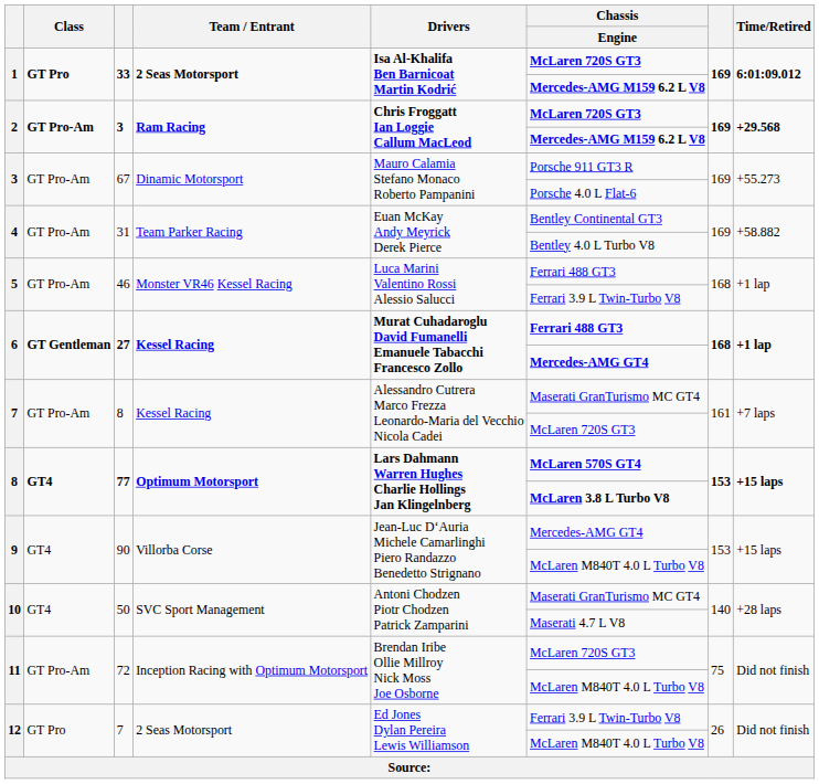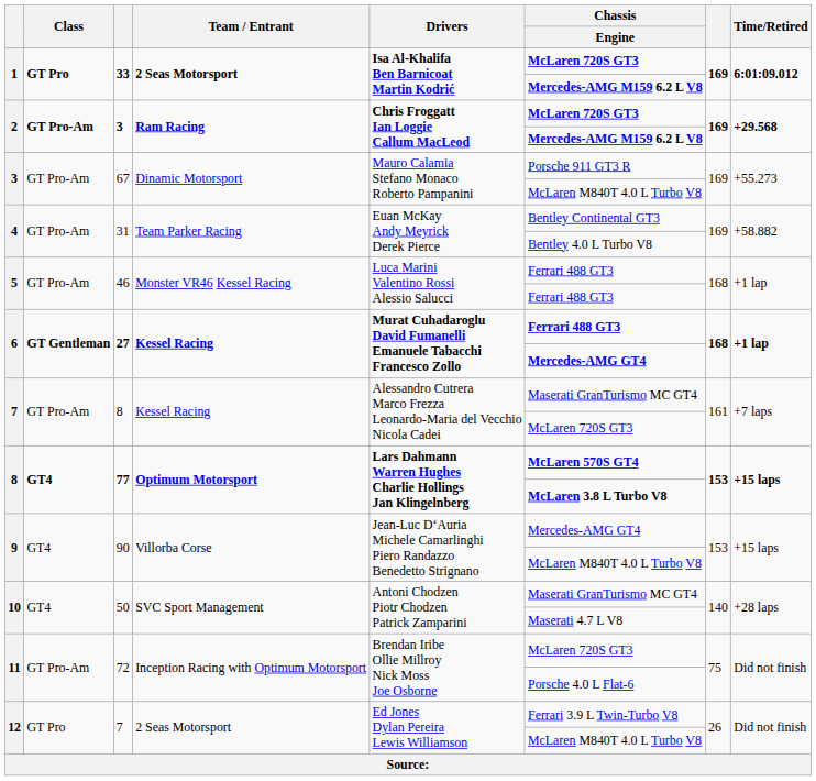 <table class="wikitable" style="font-size: 95%;">
 <tr>
 <th rowspan="2"></th>
 <th rowspan="2">Class</th>
 <th rowspan="2" class="unsortable"></th>
 <th rowspan="2" class="unsortable">Team / Entrant</th>
 <th rowspan="2" class="unsortable">Drivers</th>
 <th scope="col" class="unsortable">Chassis</th>
 <th rowspan="2" class="unsortable"></th>
 <th rowspan="2" class="unsortable">Time/Retired</th>
 </tr>
 <tr>
 <th>Engine</th>
 </tr>
 <tr style="font-weight:bold">
 <th rowspan=2>1</th>
 <td rowspan=2>GT Pro</td>
 <td rowspan=2>33</td>
 <td rowspan=2> 2 Seas Motorsport</td>
 <td rowspan=2> Isa Al-Khalifa<br> <a href='#'>Ben Barnicoat</a><br> <a href='#'>Martin Kodrić</a></td>
 <td><a href='#'>McLaren 720S GT3</a></td>
 <td rowspan=2>169</td>
 <td rowspan=2>6:01:09.012</td>
 </tr>
 <tr style="font-weight:bold">
 <td><a href='#'>Mercedes-AMG M159</a> 6.2 L <a href='#'>V8</a></td>
 </tr>
 <tr style="font-weight:bold">
 <th rowspan=2>2</th>
 <td rowspan=2>GT Pro-Am</td>
 <td rowspan=2>3</td>
 <td rowspan=2> <a href='#'>Ram Racing</a></td>
 <td rowspan=2> Chris Froggatt<br> <a href='#'>Ian Loggie</a><br> <a href='#'>Callum MacLeod</a></td>
 <td><a href='#'>McLaren 720S GT3</a></td>
 <td rowspan=2>169</td>
 <td rowspan=2>+29.568</td>
 </tr>
 <tr style="font-weight:bold">
 <td><a href='#'>Mercedes-AMG M159</a> 6.2 L <a href='#'>V8</a></td>
 </tr>
 <tr>
 <th rowspan=2>3</th>
 <td rowspan=2>GT Pro-Am</td>
 <td rowspan=2>67</td>
 <td rowspan=2> <a href='#'>Dinamic Motorsport</a></td>
 <td rowspan=2> <a href='#'>Mauro Calamia</a><br> Stefano Monaco<br> Roberto Pampanini</td>
 <td><a href='#'>Porsche 911 GT3 R</a></td>
 <td rowspan=2>169</td>
 <td rowspan=2>+55.273</td>
 </tr>
 <tr>
-<td><a href='#'>Porsche</a> 4.0 L <a href='#'>Flat-6</a></td>
+<td><a href='#'>McLaren</a> M840T 4.0 L <a href='#'>Turbo</a> <a href='#'>V8</a></td>
 </tr>
 <tr>
 <th rowspan=2>4</th>
 <td rowspan=2>GT Pro-Am</td>
 <td rowspan=2>31</td>
 <td rowspan=2> <a href='#'>Team Parker Racing</a></td>
 <td rowspan=2> Euan McKay<br> <a href='#'>Andy Meyrick</a><br> Derek Pierce</td>
 <td><a href='#'>Bentley Continental GT3</a></td>
 <td rowspan=2>169</td>
 <td rowspan=2>+58.882</td>
 </tr>
 <tr>
 <td><a href='#'>Bentley</a> 4.0 L Turbo V8</td>
 </tr>
 <tr>
 <th rowspan=2>5</th>
 <td rowspan=2>GT Pro-Am</td>
 <td rowspan=2>46</td>
 <td rowspan=2> <a href='#'>Monster VR46</a> <a href='#'>Kessel Racing</a></td>
 <td rowspan=2> <a href='#'>Luca Marini</a><br> <a href='#'>Valentino Rossi</a><br> Alessio Salucci</td>
 <td><a href='#'>Ferrari 488 GT3</a></td>
 <td rowspan=2>168</td>
 <td rowspan=2>+1 lap</td>
 </tr>
 <tr>
-<td><a href='#'>Ferrari</a> 3.9 L <a href='#'>Twin-Turbo</a> <a href='#'>V8</a></td>
+<td><a href='#'>Ferrari 488 GT3</a></td>
 </tr>
 <tr style="font-weight:bold">
 <th rowspan=2>6</th>
 <td rowspan=2>GT Gentleman</td>
 <td rowspan=2>27</td>
 <td rowspan=2> <a href='#'>Kessel Racing</a></td>
 <td rowspan=2> Murat Cuhadaroglu<br> <a href='#'>David Fumanelli</a><br> Emanuele Tabacchi<br> Francesco Zollo</td>
 <td><a href='#'>Ferrari 488 GT3</a></td>
 <td rowspan=2>168</td>
 <td rowspan=2>+1 lap</td>
 </tr>
 <tr style="font-weight:bold">
 <td><a href='#'>Mercedes-AMG GT4</a></td>
 </tr>
 <tr>
 <th rowspan=2>7</th>
 <td rowspan=2>GT Pro-Am</td>
 <td rowspan=2>8</td>
 <td rowspan=2> <a href='#'>Kessel Racing</a></td>
 <td rowspan=2> Alessandro Cutrera<br> Marco Frezza<br> Leonardo-Maria del Vecchio<br> Nicola Cadei</td>
 <td><a href='#'>Maserati GranTurismo</a> MC GT4</td>
 <td rowspan=2>161</td>
 <td rowspan=2>+7 laps</td>
 </tr>
 <tr>
 <td><a href='#'>McLaren 720S GT3</a></td>
 </tr>
 <tr style="font-weight:bold">
 <th rowspan=2>8</th>
 <td rowspan=2>GT4</td>
 <td rowspan=2>77</td>
 <td rowspan=2> <a href='#'>Optimum Motorsport</a></td>
 <td rowspan=2> Lars Dahmann<br> <a href='#'>Warren Hughes</a><br> Charlie Hollings<br> Jan Klingelnberg</td>
 <td><a href='#'>McLaren 570S GT4</a></td>
 <td rowspan=2>153</td>
 <td rowspan=2>+15 laps</td>
 </tr>
 <tr style="font-weight:bold">
 <td><a href='#'>McLaren</a> 3.8 L Turbo V8</td>
 </tr>
 <tr>
 <th rowspan=2>9</th>
 <td rowspan=2>GT4</td>
 <td rowspan=2>90</td>
 <td rowspan=2> Villorba Corse</td>
 <td rowspan=2> Jean-Luc D‘Auria<br> Michele Camarlinghi<br> Piero Randazzo<br> Benedetto Strignano</td>
 <td><a href='#'>Mercedes-AMG GT4</a></td>
 <td rowspan=2>153</td>
 <td rowspan=2>+15 laps</td>
 </tr>
 <tr>
 <td><a href='#'>McLaren</a> M840T 4.0 L <a href='#'>Turbo</a> <a href='#'>V8</a></td>
 </tr>
 <tr>
 <th rowspan=2>10</th>
 <td rowspan=2>GT4</td>
 <td rowspan=2>50</td>
 <td rowspan=2> SVC Sport Management</td>
 <td rowspan=2> Antoni Chodzen<br> Piotr Chodzen<br> Patrick Zamparini</td>
 <td><a href='#'>Maserati GranTurismo</a> MC GT4</td>
 <td rowspan=2>140</td>
 <td rowspan=2>+28 laps</td>
 </tr>
 <tr>
 <td><a href='#'>Maserati</a> 4.7 L V8</td>
 </tr>
 <tr>
 <th rowspan=2>11</th>
 <td rowspan=2>GT Pro-Am</td>
 <td rowspan=2>72</td>
 <td rowspan=2> Inception Racing with <a href='#'>Optimum Motorsport</a></td>
 <td rowspan=2> Brendan Iribe<br> Ollie Millroy<br> Nick Moss<br> <a href='#'>Joe Osborne</a></td>
 <td><a href='#'>McLaren 720S GT3</a></td>
 <td rowspan=2>75</td>
 <td rowspan=2>Did not finish</td>
 </tr>
 <tr>
-<td><a href='#'>McLaren</a> M840T 4.0 L <a href='#'>Turbo</a> <a href='#'>V8</a></td>
+<td><a href='#'>Porsche</a> 4.0 L <a href='#'>Flat-6</a></td>
 </tr>
 <tr>
 <th rowspan=2>12</th>
 <td rowspan=2>GT Pro</td>
 <td rowspan=2>7</td>
 <td rowspan=2> 2 Seas Motorsport</td>
 <td rowspan=2> <a href='#'>Ed Jones</a><br> <a href='#'>Dylan Pereira</a><br> <a href='#'>Lewis Williamson</a></td>
 <td><a href='#'>Ferrari</a> 3.9 L <a href='#'>Twin-Turbo</a> <a href='#'>V8</a></td>
 <td rowspan=2>26</td>
 <td rowspan=2>Did not finish</td>
 </tr>
 <tr>
 <td><a href='#'>McLaren</a> M840T 4.0 L <a href='#'>Turbo</a> <a href='#'>V8</a></td>
 </tr>
 <tr>
 <th colspan=8>Source:</th>
 </tr>
 </table>
